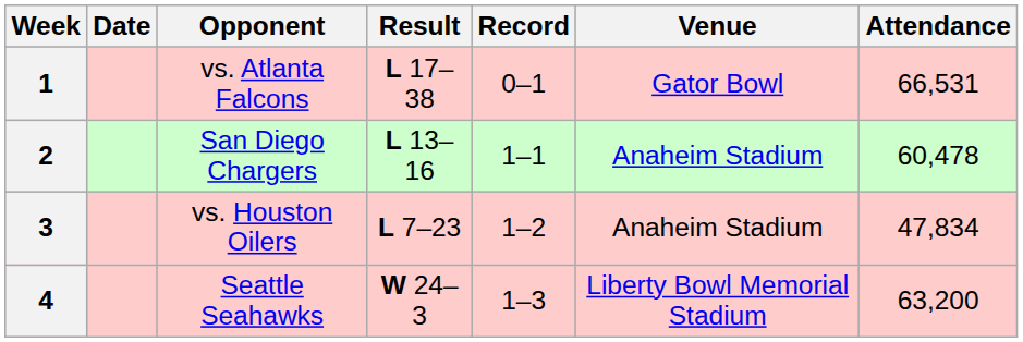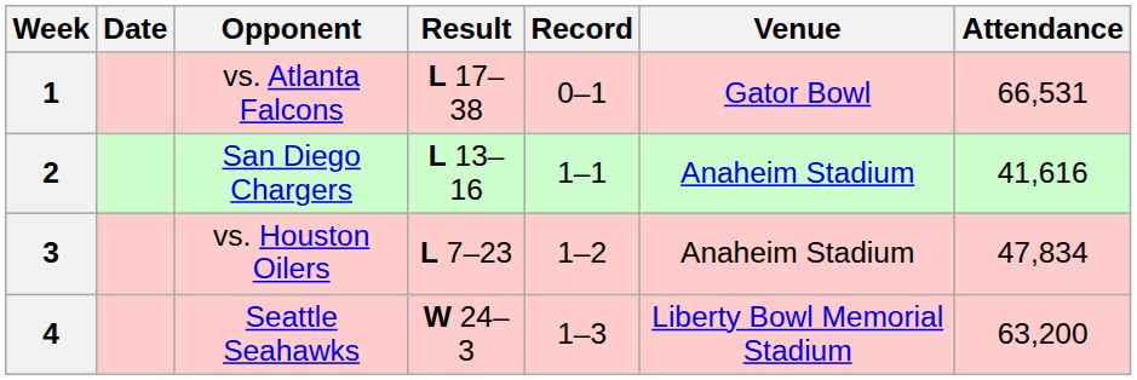 <table class="wikitable" style="text-align:center">
 <tr>
 <th>Week</th>
 <th>Date</th>
 <th>Opponent</th>
 <th>Result</th>
 <th>Record</th>
 <th>Venue</th>
 <th>Attendance</th>
 </tr>
 <tr style="background:#fcc">
 <th>1</th>
 <td></td>
 <td>vs. <a href='#'>Atlanta Falcons</a></td>
 <td><strong>L</strong> 17–38</td>
 <td>0–1</td>
 <td><a href='#'>Gator Bowl</a></td>
 <td>66,531</td>
 </tr>
 <tr style="background:#cfc">
 <th>2</th>
 <td></td>
 <td><a href='#'>San Diego Chargers</a></td>
 <td><strong>L</strong> 13–16</td>
 <td>1–1</td>
 <td><a href='#'>Anaheim Stadium</a></td>
-<td>60,478</td>
+<td>41,616</td>
 </tr>
 <tr style="background:#fcc">
 <th>3</th>
 <td></td>
 <td>vs. <a href='#'>Houston Oilers</a></td>
 <td><strong>L</strong> 7–23</td>
 <td>1–2</td>
 <td>Anaheim Stadium</td>
 <td>47,834</td>
 </tr>
 <tr style="background:#fcc">
 <th>4</th>
 <td></td>
 <td><a href='#'>Seattle Seahawks</a></td>
 <td><strong>W</strong> 24–3</td>
 <td>1–3</td>
 <td><a href='#'>Liberty Bowl Memorial Stadium</a></td>
 <td>63,200</td>
 </tr>
 </table>
